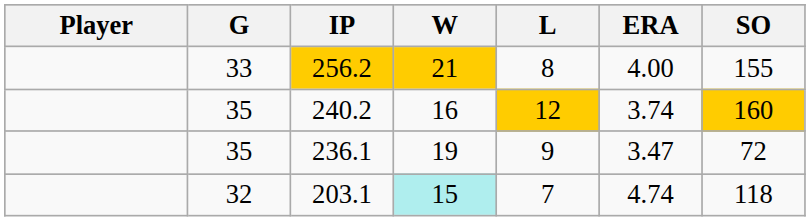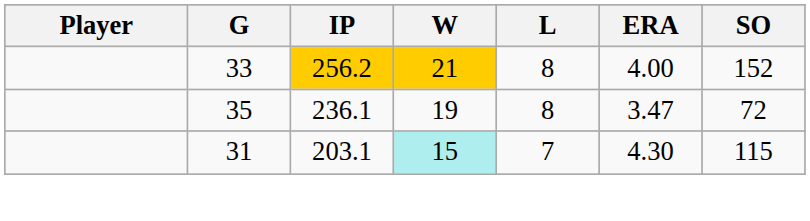 <table class="wikitable sortable">
 <tr>
 <th bgcolor="#DDDDFF" width="16%">Player</th>
 <th bgcolor="#DDDDFF" width="9%">G</th>
 <th bgcolor="#DDDDFF" width="9%">IP</th>
 <th bgcolor="#DDDDFF" width="9%">W</th>
 <th bgcolor="#DDDDFF" width="9%">L</th>
 <th bgcolor="#DDDDFF" width="9%">ERA</th>
 <th bgcolor="#DDDDFF" width="9%">SO</th>
 </tr>
 <tr align="center">
 <td></td>
 <td>33</td>
 <td style="background:#fc0;">256.2</td>
 <td style="background:#fc0;">21</td>
 <td>8</td>
 <td>4.00</td>
-<td>155</td>
-</tr>
-<tr align="center">
-<td></td>
-<td>35</td>
-<td>240.2</td>
-<td>16</td>
-<td style="background:#fc0;">12</td>
-<td>3.74</td>
-<td style="background:#fc0;">160</td>
+<td>152</td>
 </tr>
 <tr align="center">
 <td></td>
 <td>35</td>
 <td>236.1</td>
 <td>19</td>
-<td>9</td>
+<td>8</td>
 <td>3.47</td>
 <td>72</td>
 </tr>
 <tr align="center">
 <td></td>
-<td>32</td>
+<td>31</td>
 <td>203.1</td>
 <td style="background: paleturquoise;">15</td>
 <td>7</td>
-<td>4.74</td>
-<td>118</td>
+<td>4.30</td>
+<td>115</td>
 </tr>
 </table>
